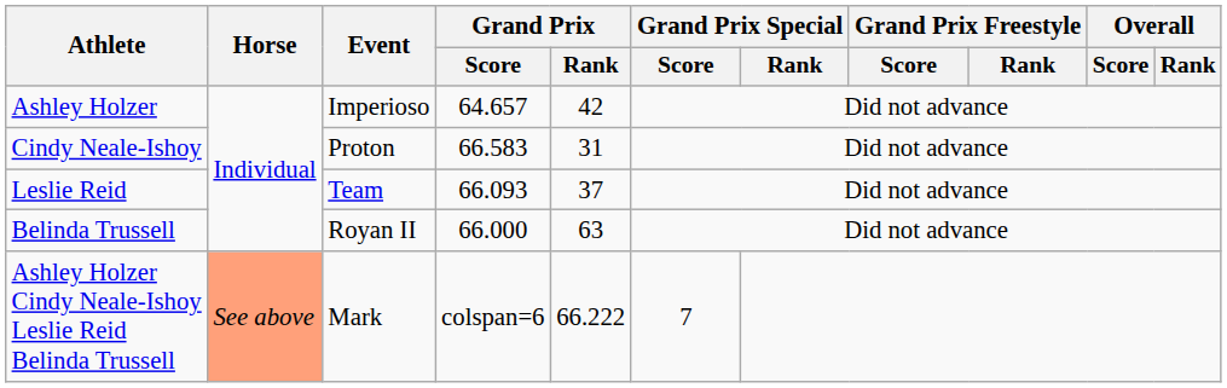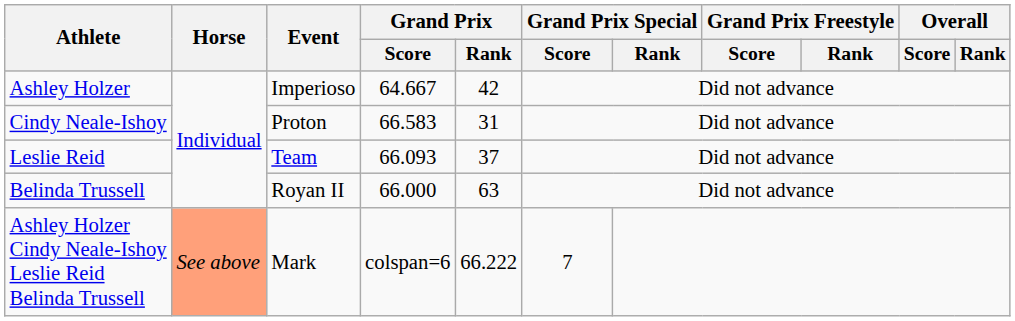 <table class=wikitable style="font-size:90%">
 <tr>
 <th rowspan="2">Athlete</th>
 <th rowspan="2">Horse</th>
 <th rowspan="2">Event</th>
 <th colspan="2">Grand Prix</th>
 <th colspan="2">Grand Prix Special</th>
 <th colspan="2">Grand Prix Freestyle</th>
 <th colspan="2">Overall</th>
 </tr>
 <tr style="font-size:95%">
 <th>Score</th>
 <th>Rank</th>
 <th>Score</th>
 <th>Rank</th>
 <th>Score</th>
 <th>Rank</th>
 <th>Score</th>
 <th>Rank</th>
 </tr>
 <tr align=center>
 <td align=left><a href='#'>Ashley Holzer</a></td>
 <td align=left rowspan=4><a href='#'>Individual</a></td>
 <td align=left>Imperioso</td>
-<td>64.657</td>
+<td>64.667</td>
 <td>42</td>
 <td colspan=6>Did not advance</td>
 </tr>
 <tr align=center>
 <td align=left><a href='#'>Cindy Neale-Ishoy</a></td>
 <td align=left>Proton</td>
 <td>66.583</td>
 <td>31</td>
 <td colspan=6>Did not advance</td>
 </tr>
 <tr align=center>
 <td align=left><a href='#'>Leslie Reid</a></td>
 <td align=left><a href='#'>Team</a></td>
 <td>66.093</td>
 <td>37</td>
 <td colspan=6>Did not advance</td>
 </tr>
 <tr align=center>
 <td align=left><a href='#'>Belinda Trussell</a></td>
 <td align=left>Royan II</td>
 <td>66.000</td>
 <td>63</td>
 <td colspan=6>Did not advance</td>
 </tr>
 <tr align=center>
 <td align=left><a href='#'>Ashley Holzer</a><br><a href='#'>Cindy Neale-Ishoy</a><br><a href='#'>Leslie Reid</a><br><a href='#'>Belinda Trussell</a></td>
 <td align=left style="background: lightsalmon;"><em>See above</em></td>
 <td align=left>Mark</td>
 <td>colspan=6 </td>
 <td>66.222</td>
 <td>7</td>
 </tr>
 </table>
